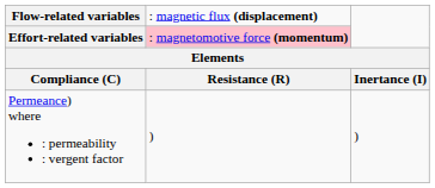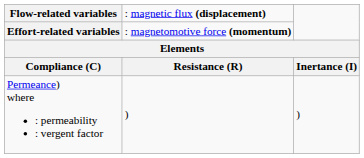 <table class="wikitable">
 <tr>
 <th>Flow-related variables</th>
 <td>: <a href='#'>magnetic flux</a> <strong>(displacement)</strong></td>
 </tr>
 <tr>
 <th>Effort-related variables</th>
-<td style="background: pink;">: <a href='#'>magnetomotive force</a> <strong>(momentum)</strong></td>
+<td>: <a href='#'>magnetomotive force</a> <strong>(momentum)</strong></td>
 </tr>
 <tr>
 <th colspan="3">Elements</th>
 </tr>
 <tr>
 <th>Compliance (C)</th>
 <th>Resistance (R)</th>
 <th>Inertance (I)</th>
 </tr>
 <tr>
 <td><a href='#'>Permeance</a>)<br> where<ul><li>: permeability</li><li>: vergent factor</li></ul></td>
 <td>)<br></td>
 <td>)<br></td>
 </tr>
 </table>
